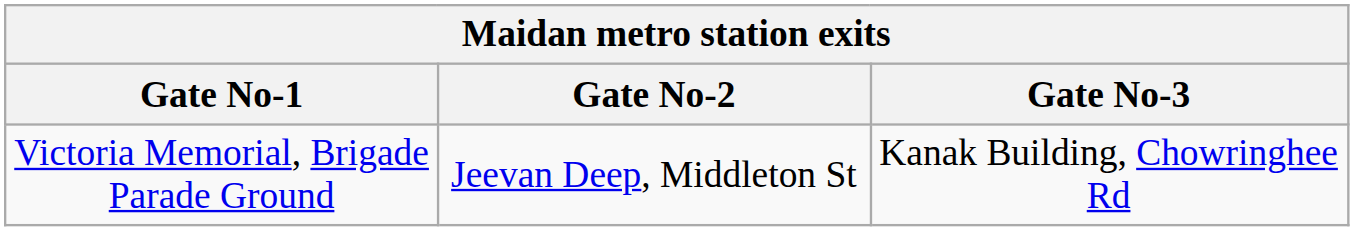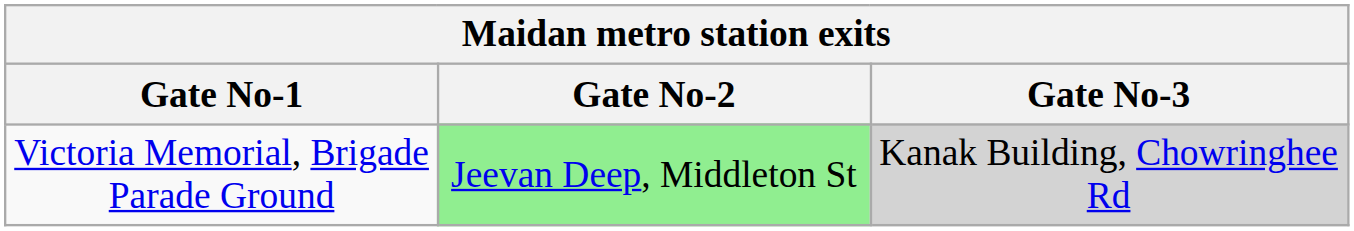 <table class="wikitable" style="text-align: center;" width="65%">
 <tr>
 <th align="center" colspan="6" style="background:;"><span><strong>Maidan metro station exits </strong></span></th>
 </tr>
 <tr>
 <th style="width:5%;">Gate No-1</th>
 <th style="width:5%;">Gate No-2</th>
 <th style="width:5%;">Gate No-3</th>
 </tr>
 <tr>
 <td><a href='#'>Victoria Memorial</a>, <a href='#'>Brigade Parade Ground</a></td>
-<td><a href='#'>Jeevan Deep</a>, Middleton St</td>
-<td>Kanak Building, <a href='#'>Chowringhee Rd</a></td>
+<td style="background: lightgreen;"><a href='#'>Jeevan Deep</a>, Middleton St</td>
+<td style="background: lightgrey;">Kanak Building, <a href='#'>Chowringhee Rd</a></td>
 </tr>
 </table>
